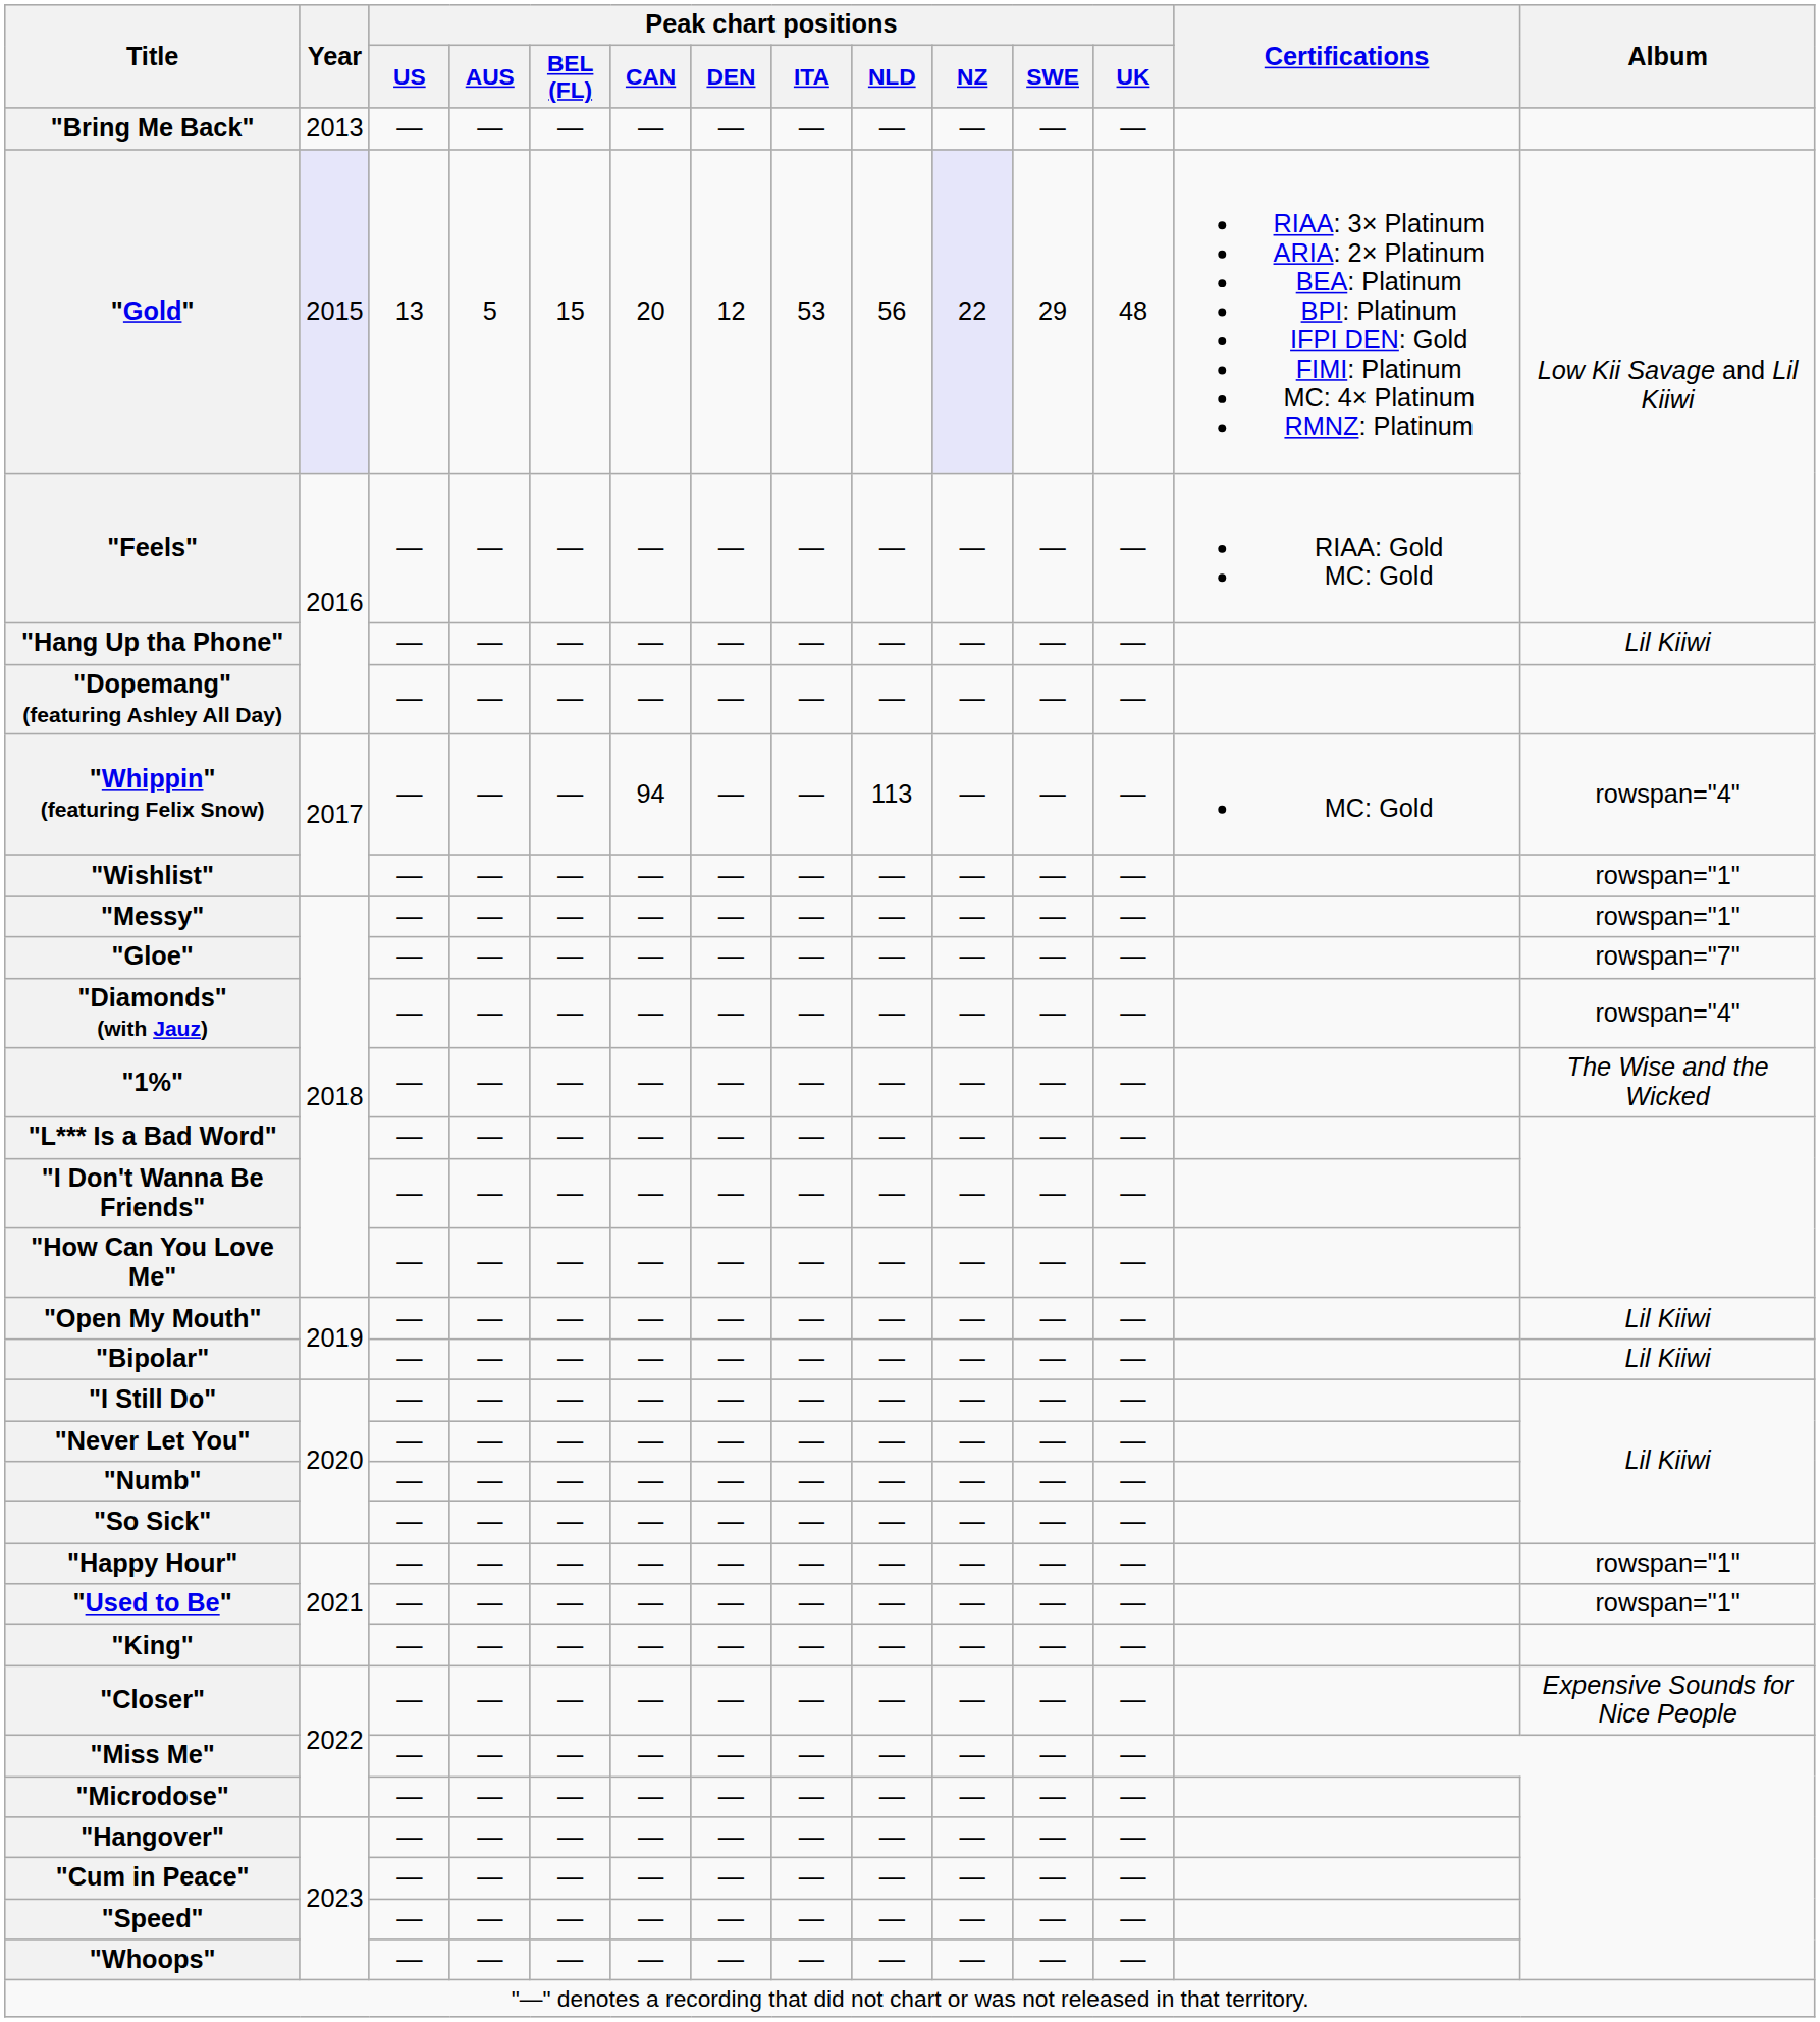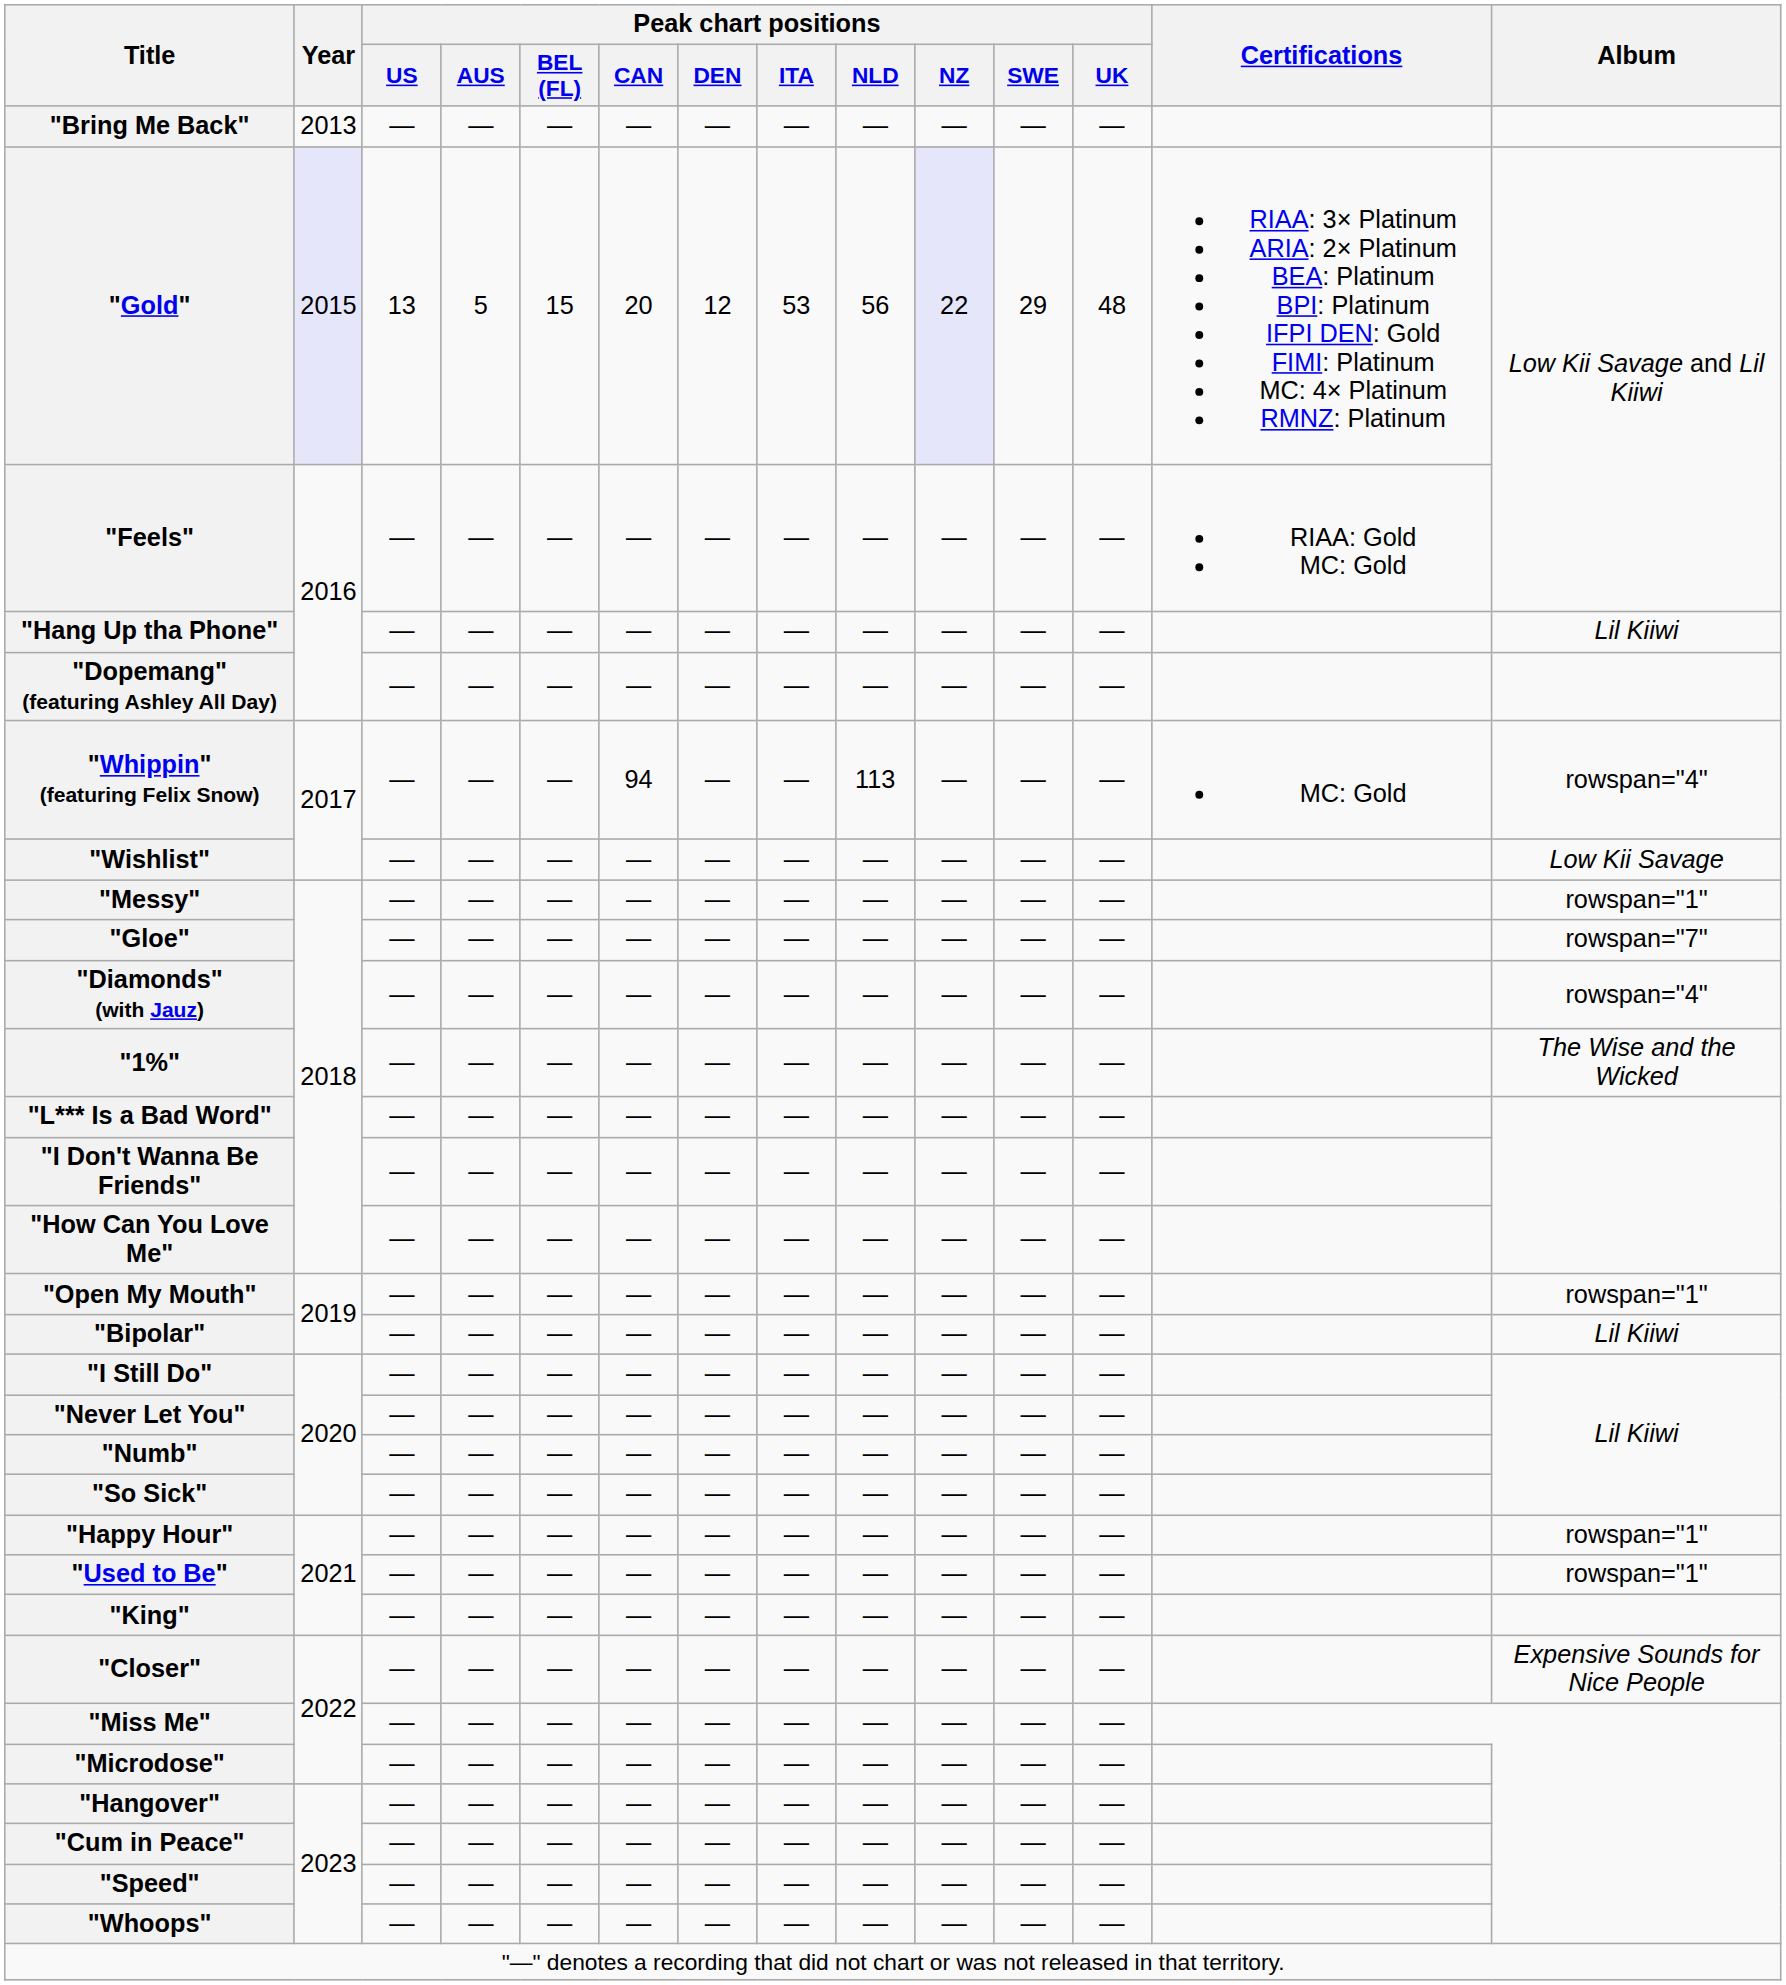 <table class="wikitable plainrowheaders" style="text-align:center;">
 <tr>
 <th scope="col" rowspan="2" style="width:11em;">Title</th>
 <th scope="col" rowspan="2" style="width:1em;">Year</th>
 <th scope="col" style="width:2em;" colspan="10">Peak chart positions</th>
 <th scope="col" rowspan="2" style="width:13em;"><a href='#'>Certifications</a></th>
 <th scope="col" rowspan="2" style="width:11em;">Album</th>
 </tr>
 <tr>
 <th scope="col" style="width:3em;font-size:90%;"><a href='#'>US</a><br></th>
 <th scope="col" style="width:3em;font-size:90%;"><a href='#'>AUS</a><br></th>
 <th scope="col" style="width:3em;font-size:90%;"><a href='#'>BEL<br>(FL)</a><br></th>
 <th scope="col" style="width:3em;font-size:90%;"><a href='#'>CAN</a><br></th>
 <th scope="col" style="width:3em;font-size:90%;"><a href='#'>DEN</a><br></th>
 <th scope="col" style="width:3em;font-size:90%;"><a href='#'>ITA</a><br></th>
 <th scope="col" style="width:3em;font-size:90%;"><a href='#'>NLD</a><br></th>
 <th scope="col" style="width:3em;font-size:90%;"><a href='#'>NZ</a><br></th>
 <th scope="col" style="width:3em;font-size:90%;"><a href='#'>SWE</a><br></th>
 <th scope="col" style="width:3em;font-size:90%;"><a href='#'>UK</a><br></th>
 </tr>
 <tr>
 <th scope="row">"Bring Me Back"<br></th>
 <td>2013</td>
 <td>—</td>
 <td>—</td>
 <td>—</td>
 <td>—</td>
 <td>—</td>
 <td>—</td>
 <td>—</td>
 <td>—</td>
 <td>—</td>
 <td>—</td>
 <td></td>
 <td></td>
 </tr>
 <tr>
 <th scope="row">"<a href='#'>Gold</a>"</th>
 <td style="background: lavender;">2015</td>
 <td>13</td>
 <td>5</td>
 <td>15</td>
 <td>20</td>
 <td>12</td>
 <td>53</td>
 <td>56</td>
 <td style="background: lavender;">22</td>
 <td>29</td>
 <td>48</td>
 <td><br><ul><li><a href='#'>RIAA</a>: 3× Platinum</li><li><a href='#'>ARIA</a>: 2× Platinum</li><li><a href='#'>BEA</a>: Platinum</li><li><a href='#'>BPI</a>: Platinum</li><li><a href='#'>IFPI DEN</a>: Gold</li><li><a href='#'>FIMI</a>: Platinum</li><li>MC: 4× Platinum</li><li><a href='#'>RMNZ</a>: Platinum</li></ul></td>
 <td rowspan="2"><em>Low Kii Savage</em> and <em>Lil Kiiwi</em></td>
 </tr>
 <tr>
 <th scope="row">"Feels"</th>
 <td rowspan="3">2016</td>
 <td>—</td>
 <td>—</td>
 <td>—</td>
 <td>—</td>
 <td>—</td>
 <td>—</td>
 <td>—</td>
 <td>—</td>
 <td>—</td>
 <td>—</td>
 <td><br><ul><li>RIAA: Gold</li><li>MC: Gold</li></ul></td>
 </tr>
 <tr>
 <th scope="row">"Hang Up tha Phone"</th>
 <td>—</td>
 <td>—</td>
 <td>—</td>
 <td>—</td>
 <td>—</td>
 <td>—</td>
 <td>—</td>
 <td>—</td>
 <td>—</td>
 <td>—</td>
 <td></td>
 <td><em>Lil Kiiwi</em></td>
 </tr>
 <tr>
 <th scope="row">"Dopemang"<br><small>(featuring Ashley All Day)</small></th>
 <td>—</td>
 <td>—</td>
 <td>—</td>
 <td>—</td>
 <td>—</td>
 <td>—</td>
 <td>—</td>
 <td>—</td>
 <td>—</td>
 <td>—</td>
 <td></td>
 <td></td>
 </tr>
 <tr>
 <th scope="row">"<a href='#'>Whippin</a>"<br><small>(featuring Felix Snow)</small></th>
 <td rowspan="2">2017</td>
 <td>—</td>
 <td>—</td>
 <td>—</td>
 <td>94</td>
 <td>—</td>
 <td>—</td>
 <td>113</td>
 <td>—</td>
 <td>—</td>
 <td>—</td>
 <td><br><ul><li>MC: Gold</li></ul></td>
 <td>rowspan="4" </td>
 </tr>
 <tr>
 <th scope="row">"Wishlist"</th>
 <td>—</td>
 <td>—</td>
 <td>—</td>
 <td>—</td>
 <td>—</td>
 <td>—</td>
 <td>—</td>
 <td>—</td>
 <td>—</td>
 <td>—</td>
 <td></td>
-<td>rowspan="1" </td>
+<td rowspan="1"><em>Low Kii Savage</em></td>
 </tr>
 <tr>
 <th scope="row">"Messy"</th>
 <td rowspan="7">2018</td>
 <td>—</td>
 <td>—</td>
 <td>—</td>
 <td>—</td>
 <td>—</td>
 <td>—</td>
 <td>—</td>
 <td>—</td>
 <td>—</td>
 <td>—</td>
 <td></td>
 <td>rowspan="1" </td>
 </tr>
 <tr>
 <th scope="row">"Gloe"</th>
 <td>—</td>
 <td>—</td>
 <td>—</td>
 <td>—</td>
 <td>—</td>
 <td>—</td>
 <td>—</td>
 <td>—</td>
 <td>—</td>
 <td>—</td>
 <td></td>
 <td>rowspan="7" </td>
 </tr>
 <tr>
 <th scope="row">"Diamonds"<br><small>(with <a href='#'>Jauz</a>)</small></th>
 <td>—</td>
 <td>—</td>
 <td>—</td>
 <td>—</td>
 <td>—</td>
 <td>—</td>
 <td>—</td>
 <td>—</td>
 <td>—</td>
 <td>—</td>
 <td></td>
 <td>rowspan="4" </td>
 </tr>
 <tr>
 <th scope="row">"1%"</th>
 <td>—</td>
 <td>—</td>
 <td>—</td>
 <td>—</td>
 <td>—</td>
 <td>—</td>
 <td>—</td>
 <td>—</td>
 <td>—</td>
 <td>—</td>
 <td></td>
 <td><em>The Wise and the Wicked</em></td>
 </tr>
 <tr>
 <th scope="row">"L*** Is a Bad Word"</th>
 <td>—</td>
 <td>—</td>
 <td>—</td>
 <td>—</td>
 <td>—</td>
 <td>—</td>
 <td>—</td>
 <td>—</td>
 <td>—</td>
 <td>—</td>
 <td></td>
 </tr>
 <tr>
 <th scope="row">"I Don't Wanna Be Friends"</th>
 <td>—</td>
 <td>—</td>
 <td>—</td>
 <td>—</td>
 <td>—</td>
 <td>—</td>
 <td>—</td>
 <td>—</td>
 <td>—</td>
 <td>—</td>
 <td></td>
 </tr>
 <tr>
 <th scope="row">"How Can You Love Me"</th>
 <td>—</td>
 <td>—</td>
 <td>—</td>
 <td>—</td>
 <td>—</td>
 <td>—</td>
 <td>—</td>
 <td>—</td>
 <td>—</td>
 <td>—</td>
 <td></td>
 </tr>
 <tr>
 <th scope="row">"Open My Mouth"</th>
 <td rowspan="2">2019</td>
 <td>—</td>
 <td>—</td>
 <td>—</td>
 <td>—</td>
 <td>—</td>
 <td>—</td>
 <td>—</td>
 <td>—</td>
 <td>—</td>
 <td>—</td>
 <td></td>
-<td rowspan="1"><em>Lil Kiiwi</em></td>
+<td>rowspan="1" </td>
 </tr>
 <tr>
 <th scope="row">"Bipolar"</th>
 <td>—</td>
 <td>—</td>
 <td>—</td>
 <td>—</td>
 <td>—</td>
 <td>—</td>
 <td>—</td>
 <td>—</td>
 <td>—</td>
 <td>—</td>
 <td></td>
 <td><em>Lil Kiiwi</em></td>
 </tr>
 <tr>
 <th scope="row">"I Still Do"</th>
 <td rowspan="4">2020</td>
 <td>—</td>
 <td>—</td>
 <td>—</td>
 <td>—</td>
 <td>—</td>
 <td>—</td>
 <td>—</td>
 <td>—</td>
 <td>—</td>
 <td>—</td>
 <td></td>
 <td rowspan="4"><em>Lil Kiiwi</em></td>
 </tr>
 <tr>
 <th scope="row">"Never Let You"</th>
 <td>—</td>
 <td>—</td>
 <td>—</td>
 <td>—</td>
 <td>—</td>
 <td>—</td>
 <td>—</td>
 <td>—</td>
 <td>—</td>
 <td>—</td>
 <td></td>
 </tr>
 <tr>
 <th scope="row">"Numb"<br></th>
 <td>—</td>
 <td>—</td>
 <td>—</td>
 <td>—</td>
 <td>—</td>
 <td>—</td>
 <td>—</td>
 <td>—</td>
 <td>—</td>
 <td>—</td>
 <td></td>
 </tr>
 <tr>
 <th scope="row">"So Sick"<br></th>
 <td>—</td>
 <td>—</td>
 <td>—</td>
 <td>—</td>
 <td>—</td>
 <td>—</td>
 <td>—</td>
 <td>—</td>
 <td>—</td>
 <td>—</td>
 <td></td>
 </tr>
 <tr>
 <th scope="row">"Happy Hour"<br></th>
 <td rowspan="3">2021</td>
 <td>—</td>
 <td>—</td>
 <td>—</td>
 <td>—</td>
 <td>—</td>
 <td>—</td>
 <td>—</td>
 <td>—</td>
 <td>—</td>
 <td>—</td>
 <td></td>
 <td>rowspan="1" </td>
 </tr>
 <tr>
 <th scope="row">"<a href='#'>Used to Be</a>"<br></th>
 <td>—</td>
 <td>—</td>
 <td>—</td>
 <td>—</td>
 <td>—</td>
 <td>—</td>
 <td>—</td>
 <td>—</td>
 <td>—</td>
 <td>—</td>
 <td></td>
 <td>rowspan="1" </td>
 </tr>
 <tr>
 <th scope="row">"King"<br></th>
 <td>—</td>
 <td>—</td>
 <td>—</td>
 <td>—</td>
 <td>—</td>
 <td>—</td>
 <td>—</td>
 <td>—</td>
 <td>—</td>
 <td>—</td>
 <td></td>
 </tr>
 <tr>
 <th scope="row">"Closer"</th>
 <td rowspan="3">2022</td>
 <td>—</td>
 <td>—</td>
 <td>—</td>
 <td>—</td>
 <td>—</td>
 <td>—</td>
 <td>—</td>
 <td>—</td>
 <td>—</td>
 <td>—</td>
 <td></td>
 <td><em>Expensive Sounds for Nice People</em></td>
 </tr>
 <tr>
 <th scope="row">"Miss Me"</th>
 <td>—</td>
 <td>—</td>
 <td>—</td>
 <td>—</td>
 <td>—</td>
 <td>—</td>
 <td>—</td>
 <td>—</td>
 <td>—</td>
 <td>—</td>
 </tr>
 <tr>
 <th scope="row">"Microdose"</th>
 <td>—</td>
 <td>—</td>
 <td>—</td>
 <td>—</td>
 <td>—</td>
 <td>—</td>
 <td>—</td>
 <td>—</td>
 <td>—</td>
 <td>—</td>
 <td></td>
 </tr>
 <tr>
 <th scope="row">"Hangover"</th>
 <td rowspan="4">2023</td>
 <td>—</td>
 <td>—</td>
 <td>—</td>
 <td>—</td>
 <td>—</td>
 <td>—</td>
 <td>—</td>
 <td>—</td>
 <td>—</td>
 <td>—</td>
 <td></td>
 </tr>
 <tr>
 <th scope="row">"Cum in Peace"</th>
 <td>—</td>
 <td>—</td>
 <td>—</td>
 <td>—</td>
 <td>—</td>
 <td>—</td>
 <td>—</td>
 <td>—</td>
 <td>—</td>
 <td>—</td>
 <td></td>
 </tr>
 <tr>
 <th scope="row">"Speed"</th>
 <td>—</td>
 <td>—</td>
 <td>—</td>
 <td>—</td>
 <td>—</td>
 <td>—</td>
 <td>—</td>
 <td>—</td>
 <td>—</td>
 <td>—</td>
 <td></td>
 </tr>
 <tr>
 <th scope="row">"Whoops"</th>
 <td>—</td>
 <td>—</td>
 <td>—</td>
 <td>—</td>
 <td>—</td>
 <td>—</td>
 <td>—</td>
 <td>—</td>
 <td>—</td>
 <td>—</td>
 <td></td>
 </tr>
 <tr>
 <td style="font-size:90%" colspan="14">"—" denotes a recording that did not chart or was not released in that territory.</td>
 </tr>
 </table>
